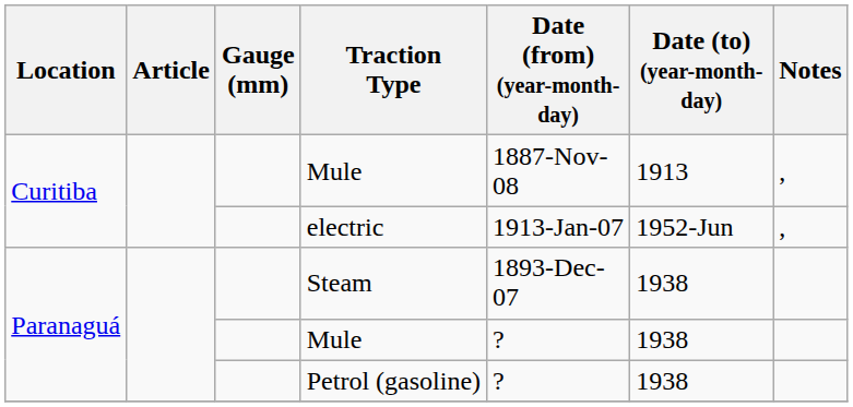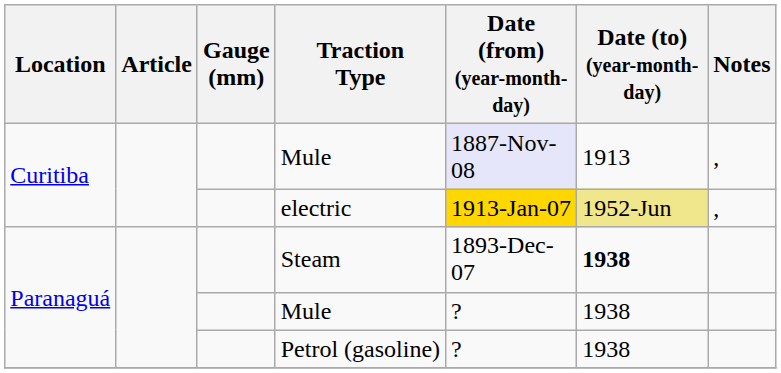 <table class="wikitable sortable">
 <tr>
 <th>Location</th>
 <th>Article</th>
 <th>Gauge<br> (mm)</th>
 <th>Traction<br>Type</th>
 <th width=80px>Date (from)<br><small>(year-month-day)</small></th>
 <th width=80px>Date (to)<br><small>(year-month-day)</small></th>
 <th>Notes</th>
 </tr>
 <tr>
 <td rowspan="2"><a href='#'>Curitiba</a></td>
 <td rowspan="2"> </td>
 <td align=right></td>
 <td>Mule</td>
-<td>1887-Nov-08</td>
+<td style="background: lavender;">1887-Nov-08</td>
 <td>1913</td>
 <td>, </td>
 </tr>
 <tr>
 <td align=right></td>
 <td>electric</td>
-<td>1913-Jan-07</td>
-<td>1952-Jun</td>
+<td style="background: gold;">1913-Jan-07</td>
+<td style="background: khaki;">1952-Jun</td>
 <td>, </td>
 </tr>
 <tr>
 <td rowspan="3"><a href='#'>Paranaguá</a></td>
 <td rowspan="3"> </td>
 <td align=right></td>
 <td>Steam</td>
 <td>1893-Dec-07</td>
-<td>1938</td>
+<td><strong>1938</strong></td>
 <td></td>
 </tr>
 <tr>
 <td align=right></td>
 <td>Mule</td>
 <td>?</td>
 <td>1938</td>
 <td></td>
 </tr>
 <tr>
 <td align=right></td>
 <td>Petrol (gasoline)</td>
 <td>?</td>
 <td>1938</td>
 <td></td>
 </tr>
 <tr>
 </tr>
 </table>
